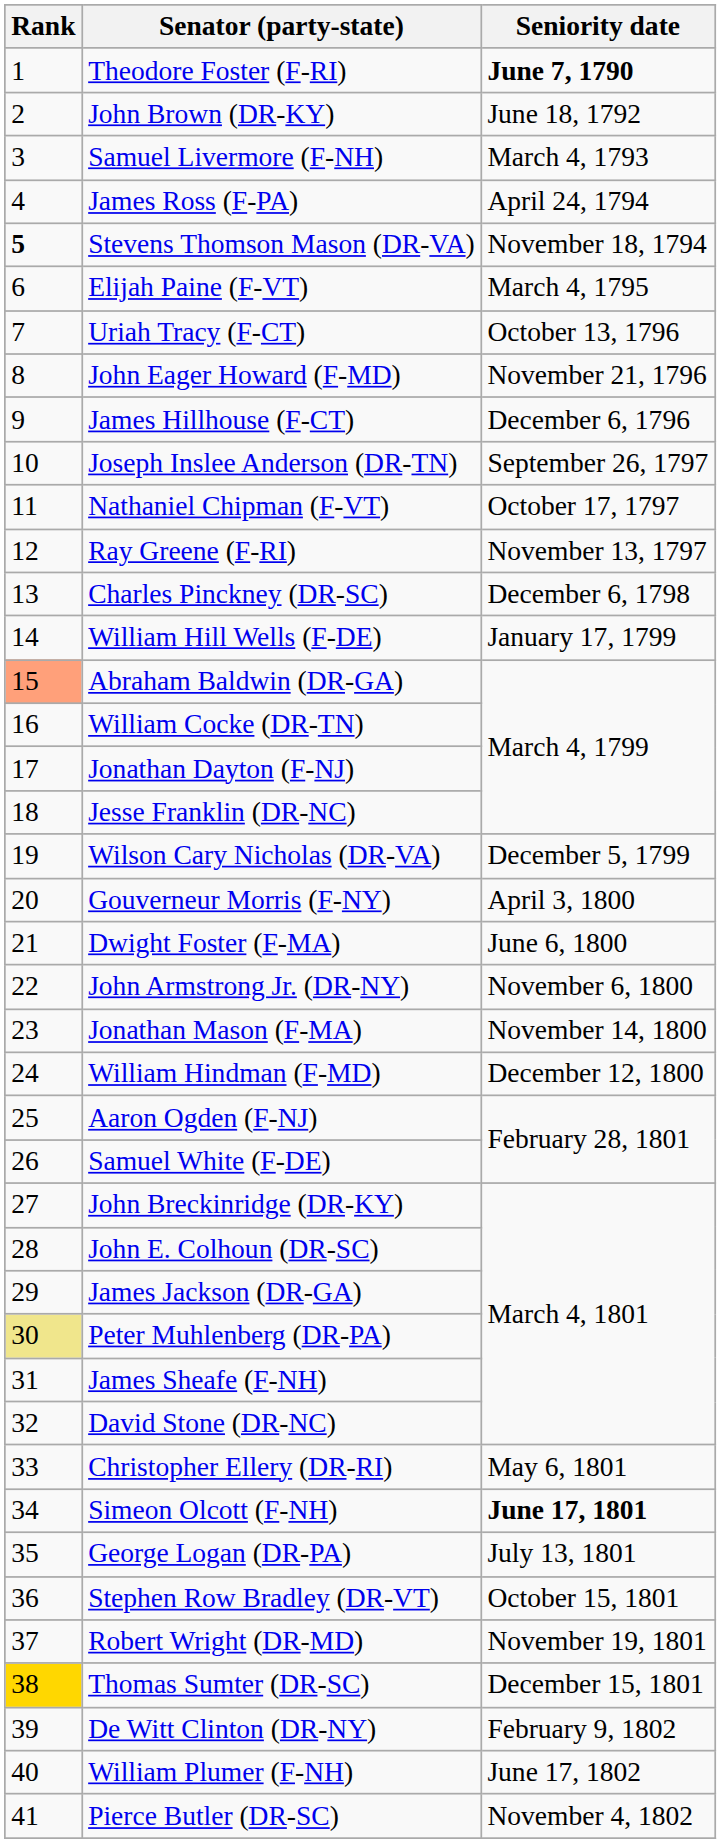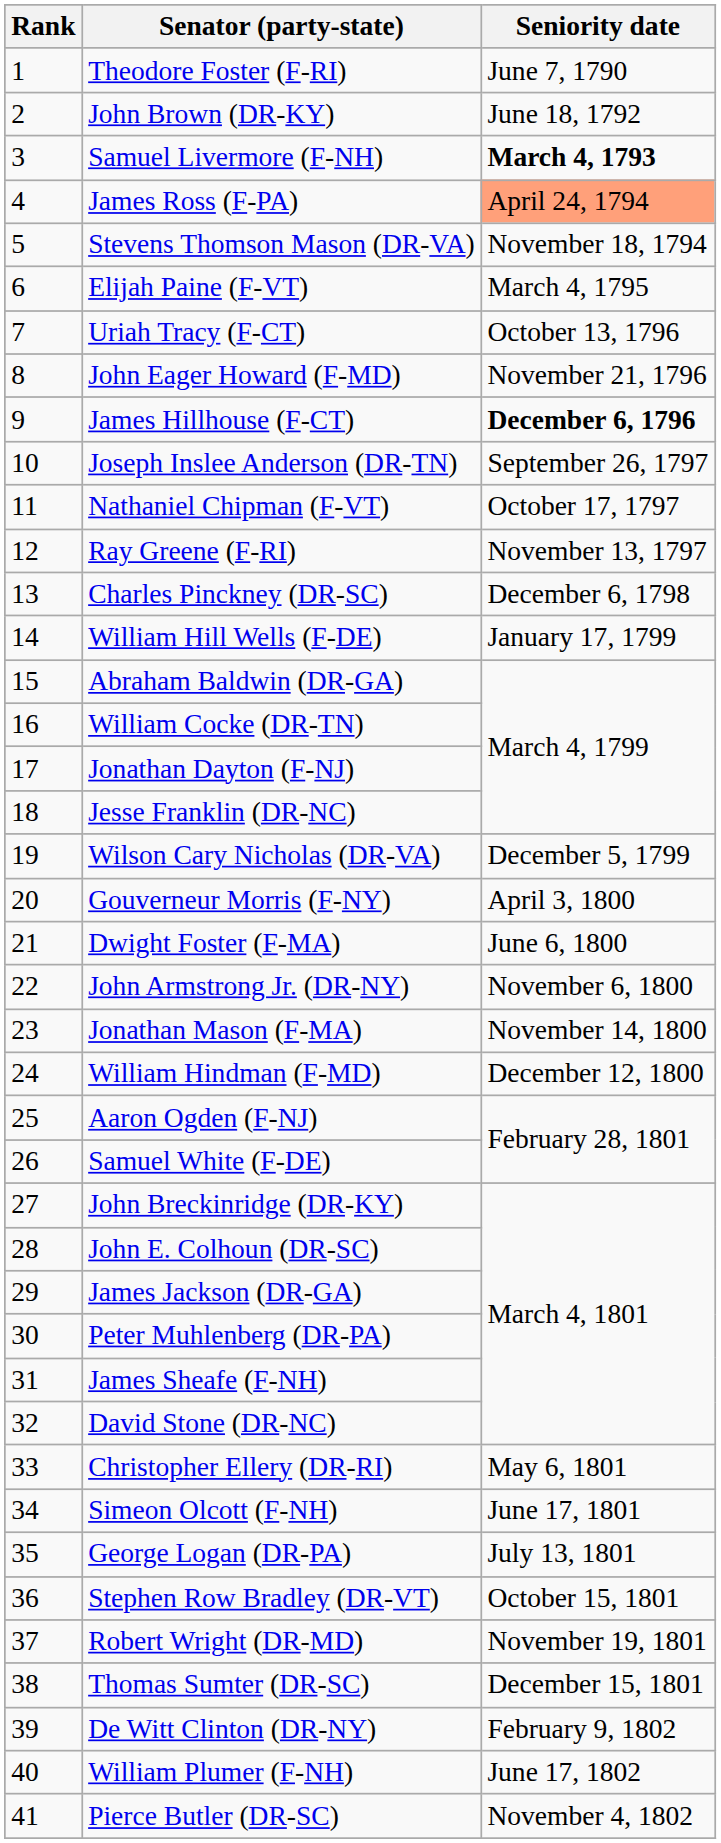 <table class=wikitable>
 <tr valign=bottom>
 <th>Rank</th>
 <th>Senator (party-state)</th>
 <th>Seniority date</th>
 </tr>
 <tr>
 <td>1</td>
 <td><a href='#'>Theodore Foster</a> (<a href='#'>F</a>-<a href='#'>RI</a>)</td>
-<td><strong>June 7, 1790</strong></td>
+<td>June 7, 1790</td>
 </tr>
 <tr>
 <td>2</td>
 <td><a href='#'>John Brown</a> (<a href='#'>DR</a>-<a href='#'>KY</a>)</td>
 <td>June 18, 1792</td>
 </tr>
 <tr>
 <td>3</td>
 <td><a href='#'>Samuel Livermore</a> (<a href='#'>F</a>-<a href='#'>NH</a>)</td>
-<td>March 4, 1793</td>
+<td><strong>March 4, 1793</strong></td>
 </tr>
 <tr>
 <td>4</td>
 <td><a href='#'>James Ross</a> (<a href='#'>F</a>-<a href='#'>PA</a>)</td>
-<td>April 24, 1794</td>
+<td style="background: lightsalmon;">April 24, 1794</td>
 </tr>
 <tr>
-<td><strong>5</strong></td>
+<td>5</td>
 <td><a href='#'>Stevens Thomson Mason</a> (<a href='#'>DR</a>-<a href='#'>VA</a>)</td>
 <td>November 18, 1794</td>
 </tr>
 <tr>
 <td>6</td>
 <td><a href='#'>Elijah Paine</a> (<a href='#'>F</a>-<a href='#'>VT</a>)</td>
 <td>March 4, 1795</td>
 </tr>
 <tr>
 <td>7</td>
 <td><a href='#'>Uriah Tracy</a> (<a href='#'>F</a>-<a href='#'>CT</a>)</td>
 <td>October 13, 1796</td>
 </tr>
 <tr>
 <td>8</td>
 <td><a href='#'>John Eager Howard</a> (<a href='#'>F</a>-<a href='#'>MD</a>)</td>
 <td>November 21, 1796</td>
 </tr>
 <tr>
 <td>9</td>
 <td><a href='#'>James Hillhouse</a> (<a href='#'>F</a>-<a href='#'>CT</a>)</td>
-<td>December 6, 1796</td>
+<td><strong>December 6, 1796</strong></td>
 </tr>
 <tr>
 <td>10</td>
 <td><a href='#'>Joseph Inslee Anderson</a> (<a href='#'>DR</a>-<a href='#'>TN</a>)</td>
 <td>September 26, 1797</td>
 </tr>
 <tr>
 <td>11</td>
 <td><a href='#'>Nathaniel Chipman</a> (<a href='#'>F</a>-<a href='#'>VT</a>)</td>
 <td>October 17, 1797</td>
 </tr>
 <tr>
 <td>12</td>
 <td><a href='#'>Ray Greene</a> (<a href='#'>F</a>-<a href='#'>RI</a>)</td>
 <td>November 13, 1797</td>
 </tr>
 <tr>
 <td>13</td>
 <td><a href='#'>Charles Pinckney</a> (<a href='#'>DR</a>-<a href='#'>SC</a>)</td>
 <td>December 6, 1798</td>
 </tr>
 <tr>
 <td>14</td>
 <td><a href='#'>William Hill Wells</a> (<a href='#'>F</a>-<a href='#'>DE</a>)</td>
 <td>January 17, 1799</td>
 </tr>
 <tr>
-<td style="background: lightsalmon;">15</td>
+<td>15</td>
 <td><a href='#'>Abraham Baldwin</a> (<a href='#'>DR</a>-<a href='#'>GA</a>)</td>
 <td rowspan=4>March 4, 1799</td>
 </tr>
 <tr>
 <td>16</td>
 <td><a href='#'>William Cocke</a> (<a href='#'>DR</a>-<a href='#'>TN</a>)</td>
 </tr>
 <tr>
 <td>17</td>
 <td><a href='#'>Jonathan Dayton</a> (<a href='#'>F</a>-<a href='#'>NJ</a>)</td>
 </tr>
 <tr>
 <td>18</td>
 <td><a href='#'>Jesse Franklin</a> (<a href='#'>DR</a>-<a href='#'>NC</a>)</td>
 </tr>
 <tr>
 <td>19</td>
 <td><a href='#'>Wilson Cary Nicholas</a> (<a href='#'>DR</a>-<a href='#'>VA</a>)</td>
 <td>December 5, 1799</td>
 </tr>
 <tr>
 <td>20</td>
 <td><a href='#'>Gouverneur Morris</a> (<a href='#'>F</a>-<a href='#'>NY</a>)</td>
 <td>April 3, 1800</td>
 </tr>
 <tr>
 <td>21</td>
 <td><a href='#'>Dwight Foster</a> (<a href='#'>F</a>-<a href='#'>MA</a>)</td>
 <td>June 6, 1800</td>
 </tr>
 <tr>
 <td>22</td>
 <td><a href='#'>John Armstrong Jr.</a> (<a href='#'>DR</a>-<a href='#'>NY</a>)</td>
 <td>November 6, 1800</td>
 </tr>
 <tr>
 <td>23</td>
 <td><a href='#'>Jonathan Mason</a> (<a href='#'>F</a>-<a href='#'>MA</a>)</td>
 <td>November 14, 1800</td>
 </tr>
 <tr>
 <td>24</td>
 <td><a href='#'>William Hindman</a> (<a href='#'>F</a>-<a href='#'>MD</a>)</td>
 <td>December 12, 1800</td>
 </tr>
 <tr>
 <td>25</td>
 <td><a href='#'>Aaron Ogden</a> (<a href='#'>F</a>-<a href='#'>NJ</a>)</td>
 <td rowspan=2>February 28, 1801</td>
 </tr>
 <tr>
 <td>26</td>
 <td><a href='#'>Samuel White</a> (<a href='#'>F</a>-<a href='#'>DE</a>)</td>
 </tr>
 <tr>
 <td>27</td>
 <td><a href='#'>John Breckinridge</a> (<a href='#'>DR</a>-<a href='#'>KY</a>)</td>
 <td rowspan=6>March 4, 1801</td>
 </tr>
 <tr>
 <td>28</td>
 <td><a href='#'>John E. Colhoun</a> (<a href='#'>DR</a>-<a href='#'>SC</a>)</td>
 </tr>
 <tr>
 <td>29</td>
 <td><a href='#'>James Jackson</a> (<a href='#'>DR</a>-<a href='#'>GA</a>)</td>
 </tr>
 <tr>
-<td style="background: khaki;">30</td>
+<td>30</td>
 <td><a href='#'>Peter Muhlenberg</a> (<a href='#'>DR</a>-<a href='#'>PA</a>)</td>
 </tr>
 <tr>
 <td>31</td>
 <td><a href='#'>James Sheafe</a> (<a href='#'>F</a>-<a href='#'>NH</a>)</td>
 </tr>
 <tr>
 <td>32</td>
 <td><a href='#'>David Stone</a> (<a href='#'>DR</a>-<a href='#'>NC</a>)</td>
 </tr>
 <tr>
 <td>33</td>
 <td><a href='#'>Christopher Ellery</a> (<a href='#'>DR</a>-<a href='#'>RI</a>)</td>
 <td>May 6, 1801</td>
 </tr>
 <tr>
 <td>34</td>
 <td><a href='#'>Simeon Olcott</a> (<a href='#'>F</a>-<a href='#'>NH</a>)</td>
-<td><strong>June 17, 1801</strong></td>
+<td>June 17, 1801</td>
 </tr>
 <tr>
 <td>35</td>
 <td><a href='#'>George Logan</a> (<a href='#'>DR</a>-<a href='#'>PA</a>)</td>
 <td>July 13, 1801</td>
 </tr>
 <tr>
 <td>36</td>
 <td><a href='#'>Stephen Row Bradley</a> (<a href='#'>DR</a>-<a href='#'>VT</a>)</td>
 <td>October 15, 1801</td>
 </tr>
 <tr>
 <td>37</td>
 <td><a href='#'>Robert Wright</a> (<a href='#'>DR</a>-<a href='#'>MD</a>)</td>
 <td>November 19, 1801</td>
 </tr>
 <tr>
-<td style="background: gold;">38</td>
+<td>38</td>
 <td><a href='#'>Thomas Sumter</a> (<a href='#'>DR</a>-<a href='#'>SC</a>)</td>
 <td>December 15, 1801</td>
 </tr>
 <tr>
 <td>39</td>
 <td><a href='#'>De Witt Clinton</a> (<a href='#'>DR</a>-<a href='#'>NY</a>)</td>
 <td>February 9, 1802</td>
 </tr>
 <tr>
 <td>40</td>
 <td><a href='#'>William Plumer</a> (<a href='#'>F</a>-<a href='#'>NH</a>)</td>
 <td>June 17, 1802</td>
 </tr>
 <tr>
 <td>41</td>
 <td><a href='#'>Pierce Butler</a> (<a href='#'>DR</a>-<a href='#'>SC</a>)</td>
 <td>November 4, 1802</td>
 </tr>
 <tr>
 </tr>
 </table>
